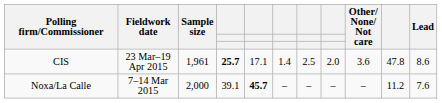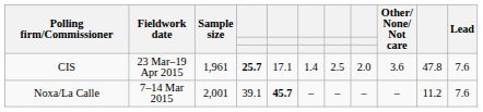 <table class="wikitable collapsible collapsed" style="text-align:center; font-size:90%; line-height:14px;">
 <tr style="height:42px;">
 <th style="width:250px;" rowspan="3">Polling firm/Commissioner</th>
 <th style="width:125px;" rowspan="3">Fieldwork date</th>
 <th style="width:50px;" rowspan="3">Sample size</th>
 <th style="width:55px;"></th>
 <th style="width:55px;"></th>
 <th style="width:55px;"></th>
 <th style="width:55px;"></th>
 <th style="width:55px;"></th>
 <th style="width:55px;" rowspan="3">Other/<br>None/<br>Not<br>care</th>
 <th style="width:55px;" rowspan="3"></th>
 <th style="width:30px;" rowspan="3">Lead</th>
 </tr>
 <tr>
 <th style="color:inherit;background:"></th>
 <th style="color:inherit;background:"></th>
 <th style="color:inherit;background:"></th>
 <th style="color:inherit;background:"></th>
 <th style="color:inherit;background:"></th>
 </tr>
 <tr>
 <th></th>
 <th></th>
 <th></th>
 <th></th>
 <th></th>
 </tr>
 <tr>
 <td>CIS</td>
 <td>23 Mar–19 Apr 2015</td>
 <td>1,961</td>
 <td><strong>25.7</strong></td>
 <td>17.1</td>
 <td>1.4</td>
 <td>2.5</td>
 <td>2.0</td>
 <td>3.6</td>
 <td>47.8</td>
-<td style="background:">8.6</td>
+<td style="background:">7.6</td>
 </tr>
 <tr>
 <td>Noxa/La Calle</td>
 <td>7–14 Mar 2015</td>
-<td>2,000</td>
+<td>2,001</td>
 <td>39.1</td>
 <td><strong>45.7</strong></td>
 <td>–</td>
 <td>–</td>
 <td>–</td>
 <td>–</td>
 <td>11.2</td>
 <td style="background:">7.6</td>
 </tr>
 </table>
